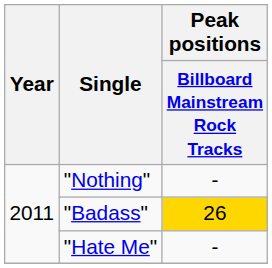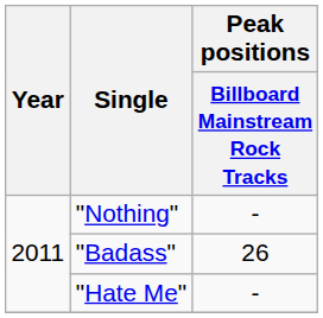 <table class="wikitable">
 <tr>
 <th rowspan="2">Year</th>
 <th rowspan="2">Single</th>
 <th colspan="10">Peak positions</th>
 </tr>
 <tr>
 <th width="70"><small><a href='#'>Billboard Mainstream Rock Tracks</a></small></th>
 </tr>
 <tr>
 <td rowspan="3">2011</td>
 <td>"<a href='#'>Nothing</a>"</td>
 <td style="text-align:center;">-</td>
 </tr>
 <tr>
 <td>"<a href='#'>Badass</a>"</td>
-<td style="background: gold; text-align:center;">26</td>
+<td style="text-align:center;">26</td>
 </tr>
 <tr>
 <td>"<a href='#'>Hate Me</a>"</td>
 <td style="text-align:center;">-</td>
 </tr>
 <tr>
 </tr>
 </table>
